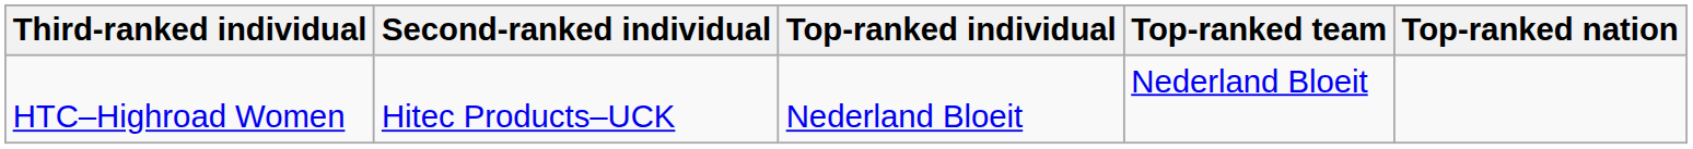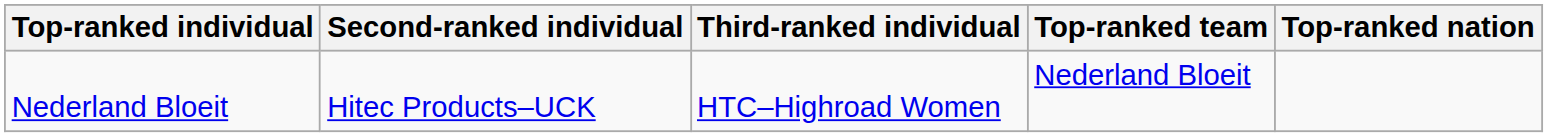 <table class="wikitable">
 <tr>
+<th>Top-ranked individual</th>
+<th>Second-ranked individual</th>
 <th>Third-ranked individual</th>
-<th>Second-ranked individual</th>
-<th>Top-ranked individual</th>
 <th>Top-ranked team</th>
 <th>Top-ranked nation</th>
 </tr>
 <tr valign="top">
+<td align=left><br><span><a href='#'>Nederland Bloeit</a></span></td>
+<td align=left><br><span><a href='#'>Hitec Products–UCK</a></span></td>
 <td align=left><br><span><a href='#'>HTC–Highroad Women</a></span></td>
-<td align=left><br><span><a href='#'>Hitec Products–UCK</a></span></td>
-<td align=left><br><span><a href='#'>Nederland Bloeit</a></span></td>
 <td><a href='#'>Nederland Bloeit</a></td>
 <td></td>
 </tr>
 </table>
